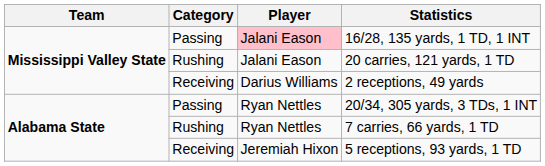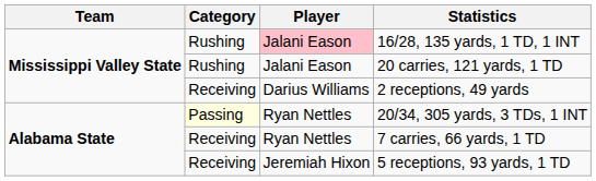 <table class="wikitable" style="float: left;">
 <tr>
 <th>Team</th>
 <th>Category</th>
 <th>Player</th>
 <th>Statistics</th>
 </tr>
 <tr>
 <td rowspan=3><strong>Mississippi Valley State</strong></td>
-<td>Passing</td>
+<td>Rushing</td>
 <td style="background: pink;">Jalani Eason</td>
 <td>16/28, 135 yards, 1 TD, 1 INT</td>
 </tr>
 <tr>
 <td>Rushing</td>
 <td>Jalani Eason</td>
 <td>20 carries, 121 yards, 1 TD</td>
 </tr>
 <tr>
 <td>Receiving</td>
 <td>Darius Williams</td>
 <td>2 receptions, 49 yards</td>
 </tr>
 <tr>
 <td rowspan=3><strong>Alabama State</strong></td>
-<td>Passing</td>
+<td style="background: lightyellow;">Passing</td>
 <td>Ryan Nettles</td>
 <td>20/34, 305 yards, 3 TDs, 1 INT</td>
 </tr>
 <tr>
-<td>Rushing</td>
+<td>Receiving</td>
 <td>Ryan Nettles</td>
 <td>7 carries, 66 yards, 1 TD</td>
 </tr>
 <tr>
 <td>Receiving</td>
 <td>Jeremiah Hixon</td>
 <td>5 receptions, 93 yards, 1 TD</td>
 </tr>
 </table>
